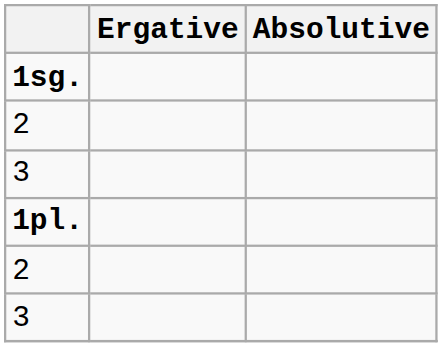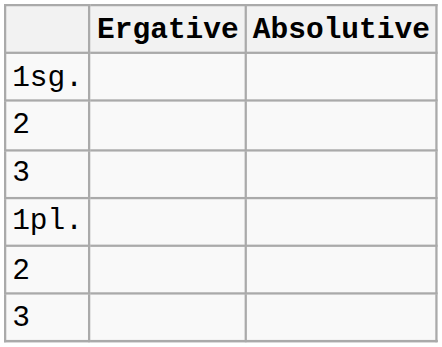 <table class="wikitable">
 <tr>
 <th></th>
 <th>Ergative</th>
 <th>Absolutive</th>
 </tr>
 <tr>
-<td><strong>1sg.</strong></td>
+<td>1sg.</td>
 <td></td>
 <td></td>
 </tr>
 <tr>
 <td>2</td>
 <td></td>
 <td></td>
 </tr>
 <tr>
 <td>3</td>
 <td></td>
 <td></td>
 </tr>
 <tr>
-<td><strong>1pl.</strong></td>
+<td>1pl.</td>
 <td></td>
 <td></td>
 </tr>
 <tr>
 <td>2</td>
 <td></td>
 <td></td>
 </tr>
 <tr>
 <td>3</td>
 <td></td>
 <td></td>
 </tr>
 <tr>
 </tr>
 </table>
